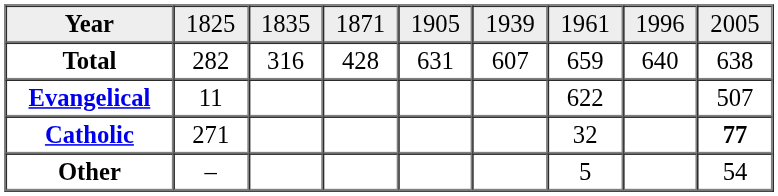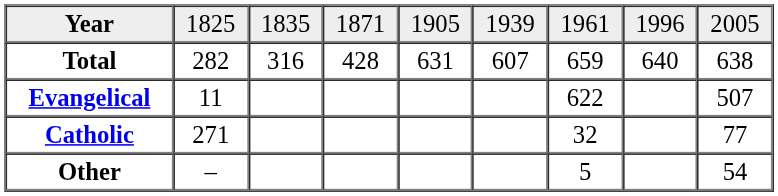 <table border="1" cellpadding="2" cellspacing="0" width="500">
 <tr bgcolor="#eeeeee" align="center">
 <td><strong>Year</strong></td>
 <td>1825</td>
 <td>1835</td>
 <td>1871</td>
 <td>1905</td>
 <td>1939</td>
 <td>1961</td>
 <td>1996</td>
 <td>2005</td>
 </tr>
 <tr align="center">
 <td><strong>Total</strong></td>
 <td>282</td>
 <td>316</td>
 <td>428</td>
 <td>631</td>
 <td>607</td>
 <td>659</td>
 <td>640</td>
 <td>638</td>
 </tr>
 <tr align="center">
 <td><strong><a href='#'>Evangelical</a></strong></td>
 <td>11</td>
 <td> </td>
 <td> </td>
 <td> </td>
 <td> </td>
 <td>622</td>
 <td> </td>
 <td>507</td>
 </tr>
 <tr align="center">
 <td><strong><a href='#'>Catholic</a></strong></td>
 <td>271</td>
 <td> </td>
 <td> </td>
 <td> </td>
 <td> </td>
 <td>32</td>
 <td> </td>
-<td><strong>77</strong></td>
+<td>77</td>
 </tr>
 <tr align="center">
 <td><strong>Other</strong></td>
 <td>–</td>
 <td> </td>
 <td> </td>
 <td> </td>
 <td> </td>
 <td>5</td>
 <td> </td>
 <td>54</td>
 </tr>
 </table>
